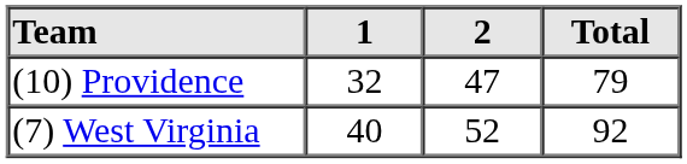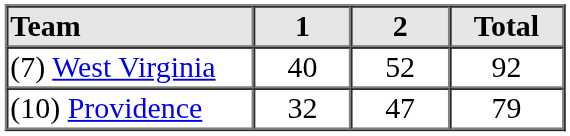 <table border=1 cellspacing=0 width=300 style="margin-left:3em;">
 <tr style="text-align:center; background-color:#e6e6e6;">
 <th align=left width=25%>Team</th>
 <th width=10%>1</th>
 <th width=10%>2</th>
 <th width=10%>Total</th>
 </tr>
 <tr style="text-align:center;">
+<td align=left>(7) <a href='#'>West Virginia</a></td>
+<td>40</td>
+<td>52</td>
+<td>92</td>
+</tr>
+<tr style="text-align:center;">
 <td align=left>(10) <a href='#'>Providence</a></td>
 <td>32</td>
 <td>47</td>
 <td>79</td>
 </tr>
 <tr style="text-align:center;">
-<td align=left>(7) <a href='#'>West Virginia</a></td>
-<td>40</td>
-<td>52</td>
-<td>92</td>
-</tr>
-<tr style="text-align:center;">
 </tr>
 </table>
